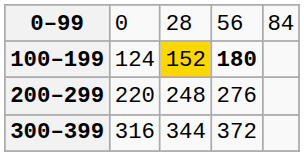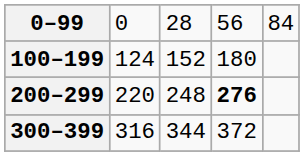 <table class="wikitable">
 <tr>
 <th>0–99</th>
 <td>0</td>
 <td>28</td>
 <td>56</td>
 <td>84</td>
 </tr>
 <tr>
 <th>100–199</th>
 <td>124</td>
-<td style="background: gold;">152</td>
-<td><strong>180</strong></td>
+<td>152</td>
+<td>180</td>
 <td></td>
 </tr>
 <tr>
 <th>200–299</th>
 <td>220</td>
 <td>248</td>
-<td>276</td>
+<td><strong>276</strong></td>
 <td></td>
 </tr>
 <tr>
 <th>300–399</th>
 <td>316</td>
 <td>344</td>
 <td>372</td>
 <td></td>
 </tr>
 </table>
